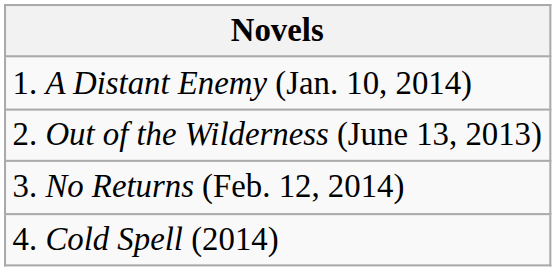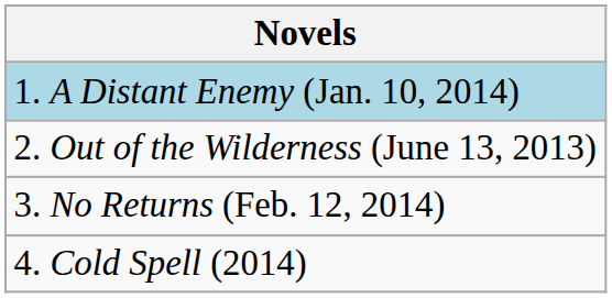 <table class="wikitable">
 <tr>
 <th>Novels</th>
 </tr>
 <tr>
-<td>1. <em>A Distant Enemy</em> (Jan. 10, 2014)</td>
+<td style="background: lightblue;">1. <em>A Distant Enemy</em> (Jan. 10, 2014)</td>
 </tr>
 <tr>
 <td>2. <em>Out of the Wilderness</em> (June 13, 2013)</td>
 </tr>
 <tr>
 <td>3. <em>No Returns</em> (Feb. 12, 2014)</td>
 </tr>
 <tr>
 <td>4. <em>Cold Spell</em> (2014)</td>
 </tr>
 </table>
